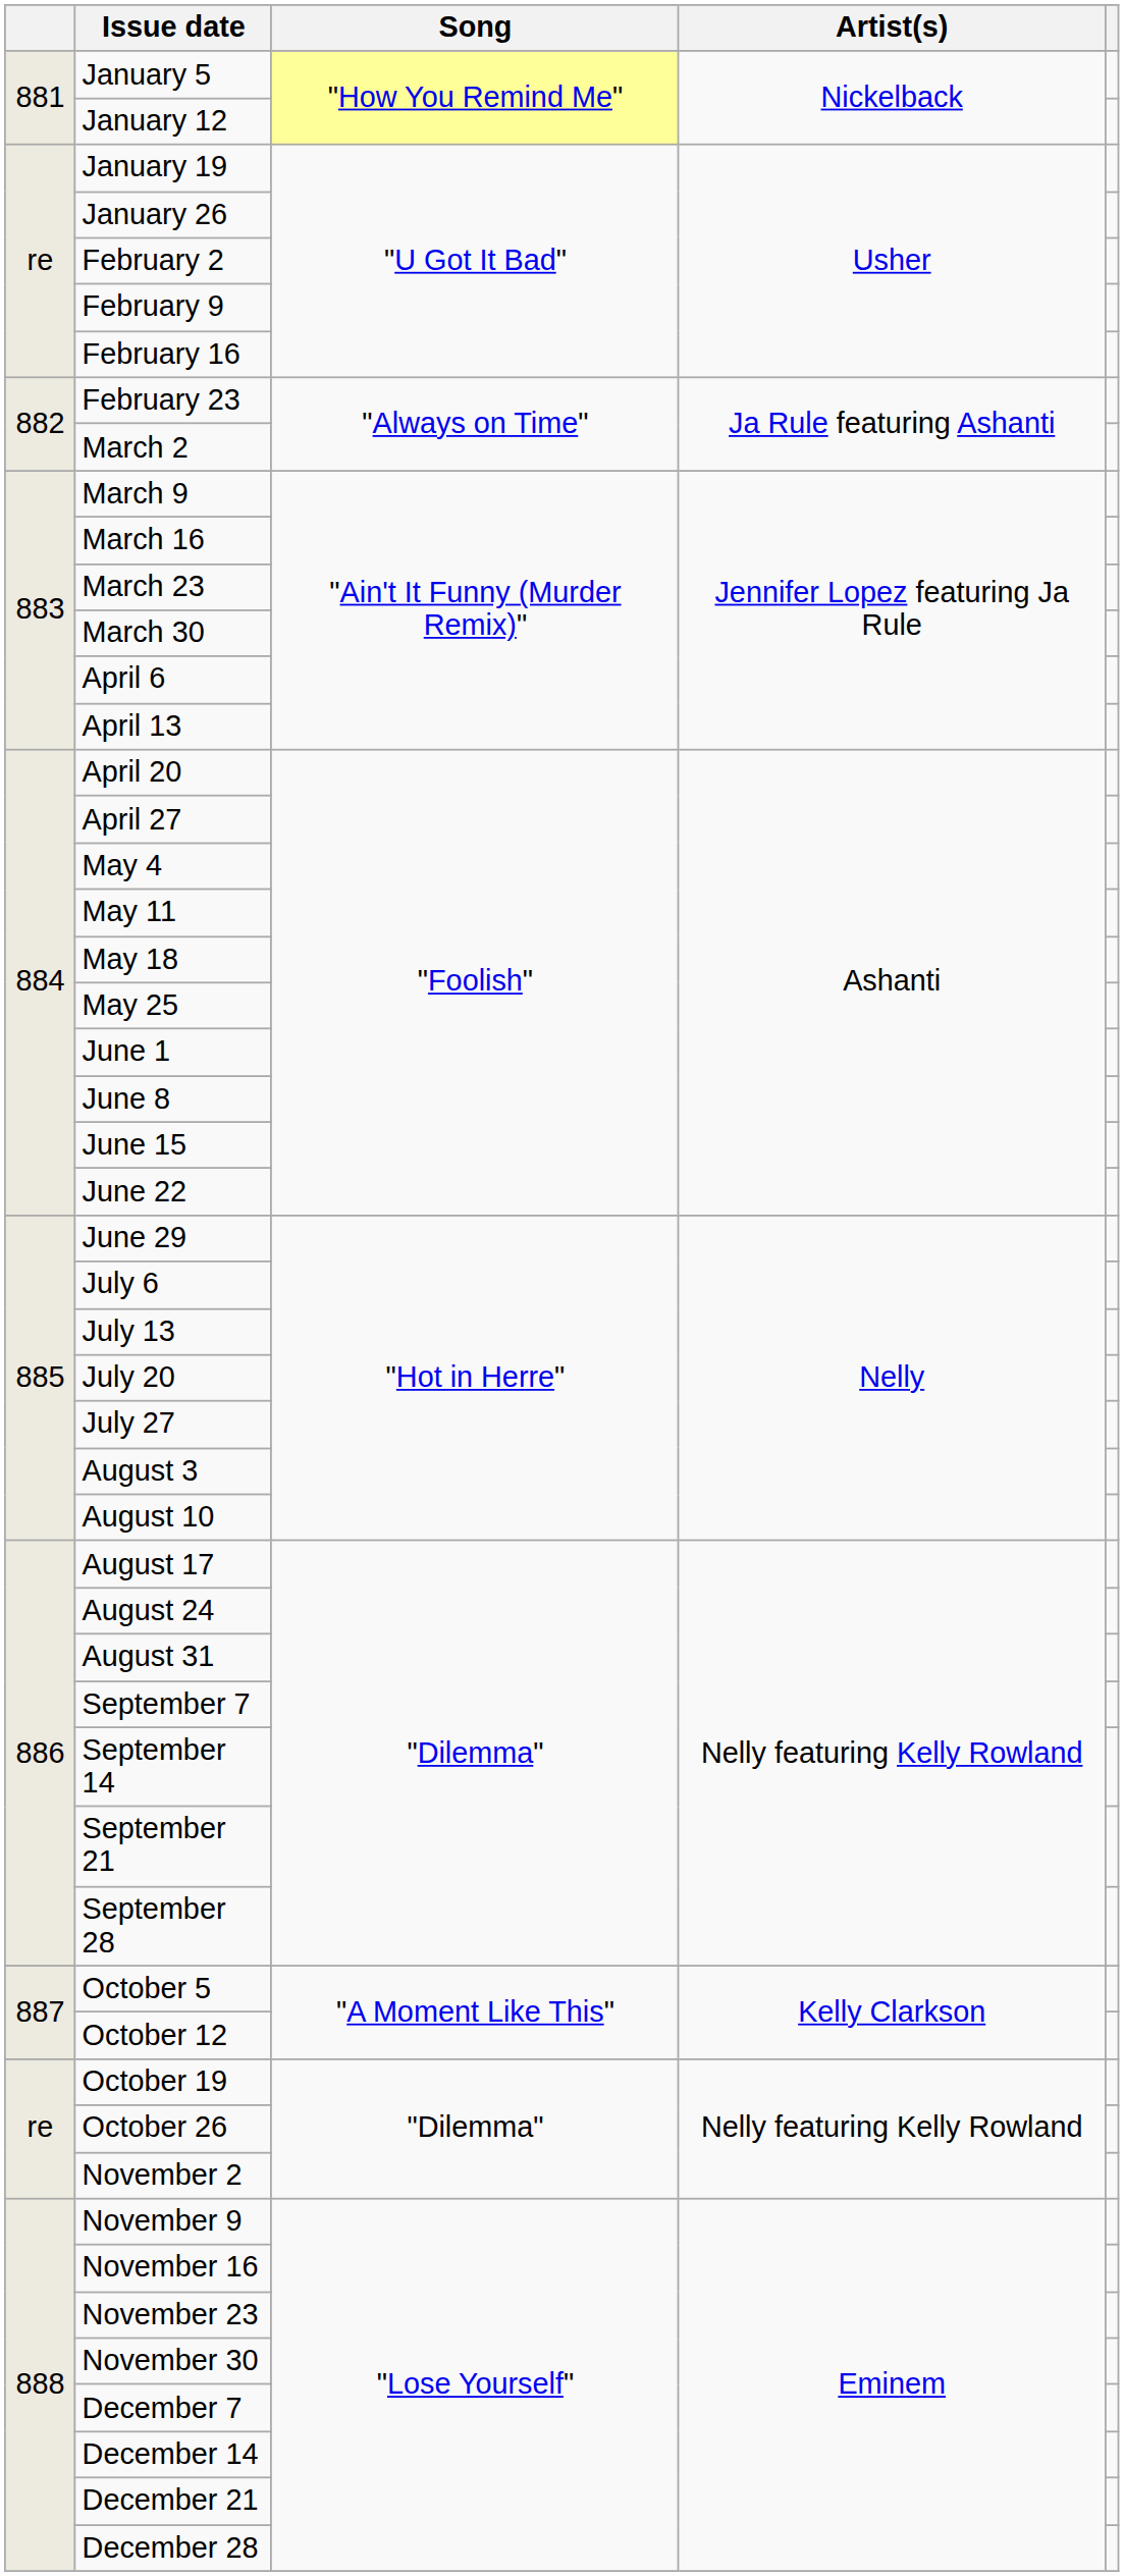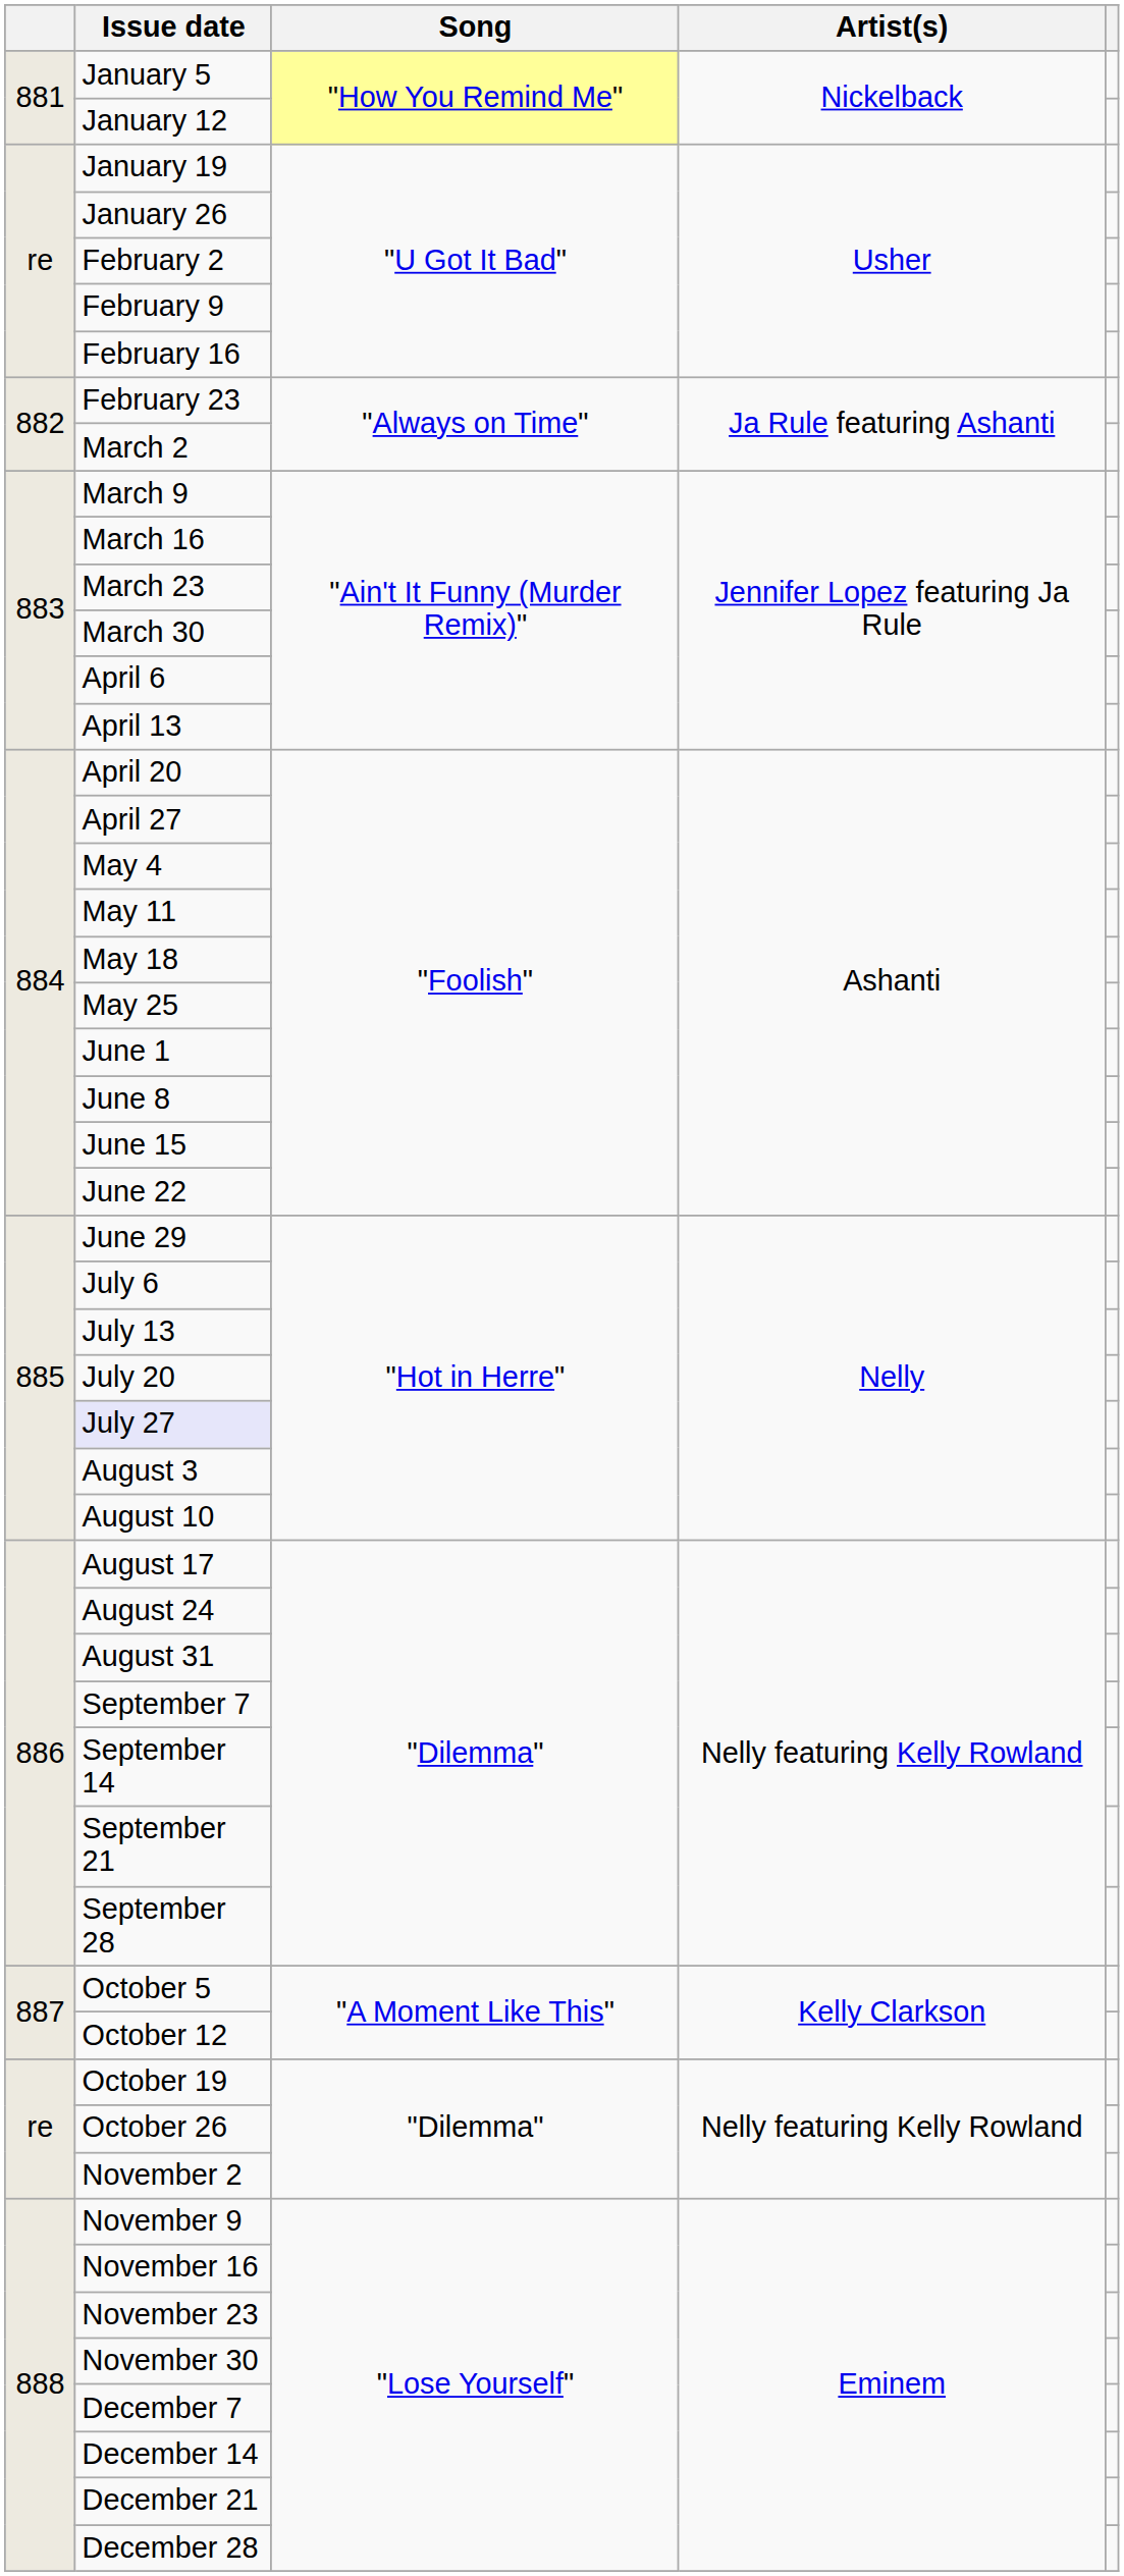 <table class="wikitable">
 <tr>
 <th width=31></th>
 <th align="center">Issue date</th>
 <th align="center">Song</th>
 <th align="center">Artist(s)</th>
 <th align="center"></th>
 </tr>
 <tr>
 <td bgcolor=#EDEAE0 align=center rowspan=2>881</td>
 <td align="left">January 5</td>
 <td bgcolor=#FFFF99 align="center" rowspan="2">"<a href='#'>How You Remind Me</a>" </td>
 <td align="center" rowspan="2"><a href='#'>Nickelback</a></td>
 <td align="center"></td>
 </tr>
 <tr>
 <td align="left">January 12</td>
 <td align="center"></td>
 </tr>
 <tr>
 <td bgcolor=#EDEAE0 align=center rowspan=5>re</td>
 <td align="left">January 19</td>
 <td align="center" rowspan="5">"<a href='#'>U Got It Bad</a>"</td>
 <td align="center" rowspan="5"><a href='#'>Usher</a></td>
 <td align="center"></td>
 </tr>
 <tr>
 <td align="left">January 26</td>
 <td align="center"></td>
 </tr>
 <tr>
 <td align="left">February 2</td>
 <td align="center"></td>
 </tr>
 <tr>
 <td align="left">February 9</td>
 <td align="center"></td>
 </tr>
 <tr>
 <td align="left">February 16</td>
 <td align="center"></td>
 </tr>
 <tr>
 <td bgcolor=#EDEAE0 align=center rowspan=2>882</td>
 <td align="left">February 23</td>
 <td align="center" rowspan="2">"<a href='#'>Always on Time</a>"</td>
 <td align="center" rowspan="2"><a href='#'>Ja Rule</a> featuring <a href='#'>Ashanti</a></td>
 <td align="center"></td>
 </tr>
 <tr>
 <td align="left">March 2</td>
 <td align="center"></td>
 </tr>
 <tr>
 <td bgcolor=#EDEAE0 align=center rowspan=6>883</td>
 <td align="left">March 9</td>
 <td align="center" rowspan="6">"<a href='#'>Ain't It Funny (Murder Remix)</a>"</td>
 <td align="center" rowspan="6"><a href='#'>Jennifer Lopez</a> featuring Ja Rule</td>
 <td align="center"></td>
 </tr>
 <tr>
 <td align="left">March 16</td>
 <td align="center"></td>
 </tr>
 <tr>
 <td align="left">March 23</td>
 <td align="center"></td>
 </tr>
 <tr>
 <td align="left">March 30</td>
 <td align="center"></td>
 </tr>
 <tr>
 <td align="left">April 6</td>
 <td align="center"></td>
 </tr>
 <tr>
 <td align="left">April 13</td>
 <td align="center"></td>
 </tr>
 <tr>
 <td bgcolor=#EDEAE0 align=center rowspan=10>884</td>
 <td align="left">April 20</td>
 <td align="center" rowspan="10">"<a href='#'>Foolish</a>"</td>
 <td align="center" rowspan="10">Ashanti</td>
 <td align="center"></td>
 </tr>
 <tr>
 <td align="left">April 27</td>
 <td align="center"></td>
 </tr>
 <tr>
 <td align="left">May 4</td>
 <td align="center"></td>
 </tr>
 <tr>
 <td align="left">May 11</td>
 <td align="center"></td>
 </tr>
 <tr>
 <td align="left">May 18</td>
 <td align="center"></td>
 </tr>
 <tr>
 <td align="left">May 25</td>
 <td align="center"></td>
 </tr>
 <tr>
 <td align="left">June 1</td>
 <td align="center"></td>
 </tr>
 <tr>
 <td align="left">June 8</td>
 <td align="center"></td>
 </tr>
 <tr>
 <td align="left">June 15</td>
 <td align="center"></td>
 </tr>
 <tr>
 <td align="left">June 22</td>
 <td align="center"></td>
 </tr>
 <tr>
 <td bgcolor=#EDEAE0 align=center rowspan=7>885</td>
 <td align="left">June 29</td>
 <td align="center" rowspan="7">"<a href='#'>Hot in Herre</a>"</td>
 <td align="center" rowspan="7"><a href='#'>Nelly</a></td>
 <td align="center"></td>
 </tr>
 <tr>
 <td align="left">July 6</td>
 <td align="center"></td>
 </tr>
 <tr>
 <td align="left">July 13</td>
 <td align="center"></td>
 </tr>
 <tr>
 <td align="left">July 20</td>
 <td align="center"></td>
 </tr>
 <tr>
-<td align="left">July 27</td>
+<td align="left" style="background: lavender;">July 27</td>
 <td align="center"></td>
 </tr>
 <tr>
 <td align="left">August 3</td>
 <td align="center"></td>
 </tr>
 <tr>
 <td align="left">August 10</td>
 <td align="center"></td>
 </tr>
 <tr>
 <td bgcolor=#EDEAE0 align=center rowspan=7>886</td>
 <td align="left">August 17</td>
 <td align="center" rowspan="7">"<a href='#'>Dilemma</a>"</td>
 <td align="center" rowspan="7">Nelly featuring <a href='#'>Kelly Rowland</a></td>
 <td align="center"></td>
 </tr>
 <tr>
 <td align="left">August 24</td>
 <td align="center"></td>
 </tr>
 <tr>
 <td align="left">August 31</td>
 <td align="center"></td>
 </tr>
 <tr>
 <td align="left">September 7</td>
 <td align="center"></td>
 </tr>
 <tr>
 <td align="left">September 14</td>
 <td align="center"></td>
 </tr>
 <tr>
 <td align="left">September 21</td>
 <td align="center"></td>
 </tr>
 <tr>
 <td align="left">September 28</td>
 <td align="center"></td>
 </tr>
 <tr>
 <td bgcolor=#EDEAE0 align=center rowspan=2>887</td>
 <td align="left">October 5</td>
 <td align="center" rowspan="2">"<a href='#'>A Moment Like This</a>"</td>
 <td align="center" rowspan="2"><a href='#'>Kelly Clarkson</a></td>
 <td align="center"></td>
 </tr>
 <tr>
 <td align="left">October 12</td>
 <td align="center"></td>
 </tr>
 <tr>
 <td bgcolor=#EDEAE0 align=center rowspan=3>re</td>
 <td align="left">October 19</td>
 <td align="center" rowspan="3">"Dilemma"</td>
 <td align="center" rowspan="3">Nelly featuring Kelly Rowland</td>
 <td align="center"></td>
 </tr>
 <tr>
 <td align="left">October 26</td>
 <td align="center"></td>
 </tr>
 <tr>
 <td align="left">November 2</td>
 <td align="center"></td>
 </tr>
 <tr>
 <td bgcolor=#EDEAE0 align=center rowspan=8>888</td>
 <td align="left">November 9</td>
 <td align="center" rowspan="8">"<a href='#'>Lose Yourself</a>"</td>
 <td align="center" rowspan="8"><a href='#'>Eminem</a></td>
 <td align="center"></td>
 </tr>
 <tr>
 <td align="left">November 16</td>
 <td align="center"></td>
 </tr>
 <tr>
 <td align="left">November 23</td>
 <td align="center"></td>
 </tr>
 <tr>
 <td align="left">November 30</td>
 <td align="center"></td>
 </tr>
 <tr>
 <td align="left">December 7</td>
 <td align="center"></td>
 </tr>
 <tr>
 <td align="left">December 14</td>
 <td align="center"></td>
 </tr>
 <tr>
 <td align="left">December 21</td>
 <td align="center"></td>
 </tr>
 <tr>
 <td align="left">December 28</td>
 <td align="center"></td>
 </tr>
 </table>
